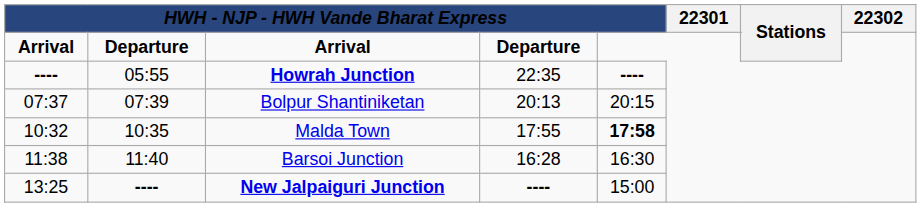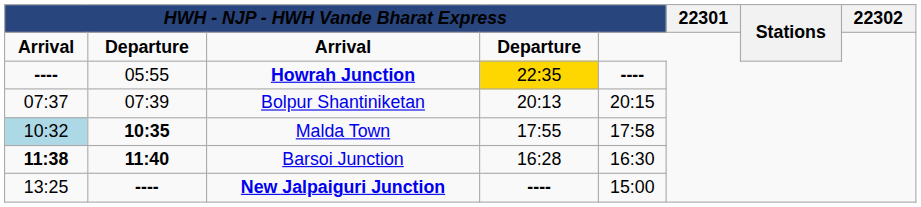 <table class="wikitable" width="65%" style="text-align: center;">
 <tr>
 <th colspan="5" align="center" style="background:#28457D;"><span><em>HWH - NJP - HWH Vande Bharat Express</em></span></th>
 <th colspan="2">22301</th>
 <th rowspan="2">Stations</th>
 <th colspan="2">22302</th>
 </tr>
 <tr>
 <td><strong>Arrival</strong></td>
 <td><strong>Departure</strong></td>
 <td><strong>Arrival</strong></td>
 <td><strong>Departure</strong></td>
 </tr>
 <tr>
 <td><strong>----</strong></td>
 <td>05:55</td>
 <td><a href='#'><strong>Howrah Junction</strong></a></td>
-<td>22:35</td>
+<td style="background: gold;">22:35</td>
 <td><strong>----</strong></td>
 </tr>
 <tr>
 <td>07:37</td>
 <td>07:39</td>
 <td><a href='#'>Bolpur Shantiniketan</a></td>
 <td>20:13</td>
 <td>20:15</td>
 </tr>
 <tr>
-<td>10:32</td>
-<td>10:35</td>
+<td style="background: lightblue;">10:32</td>
+<td><strong>10:35</strong></td>
 <td><a href='#'>Malda Town</a></td>
 <td>17:55</td>
-<td><strong>17:58</strong></td>
+<td>17:58</td>
 </tr>
 <tr>
-<td>11:38</td>
-<td>11:40</td>
+<td><strong>11:38</strong></td>
+<td><strong>11:40</strong></td>
 <td><a href='#'>Barsoi Junction</a></td>
 <td>16:28</td>
 <td>16:30</td>
 </tr>
 <tr>
 <td>13:25</td>
 <td><strong>----</strong></td>
 <td><a href='#'><strong>New Jalpaiguri Junction</strong></a></td>
 <td><strong>----</strong></td>
 <td>15:00</td>
 </tr>
 </table>
